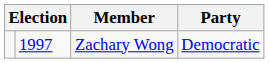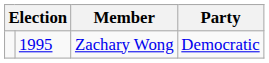 <table class="wikitable">
 <tr>
 <th colspan="2">Election</th>
 <th>Member</th>
 <th>Party</th>
 </tr>
 <tr>
 <td style="background-color: "></td>
-<td><a href='#'>1997</a></td>
+<td><a href='#'>1995</a></td>
 <td><a href='#'>Zachary Wong</a></td>
 <td><a href='#'>Democratic</a></td>
 </tr>
 </table>
